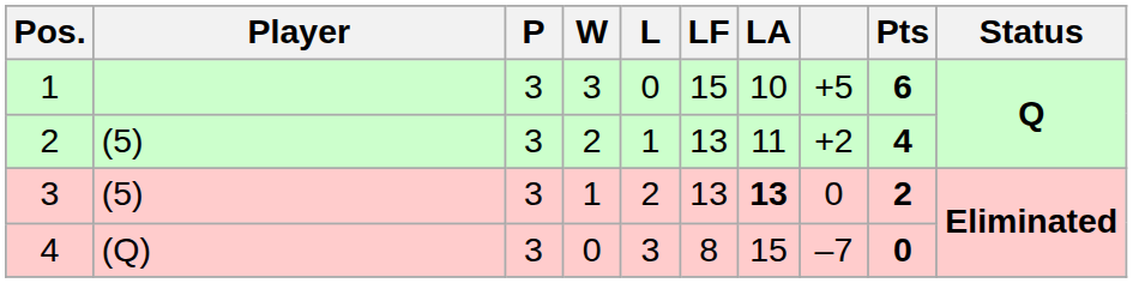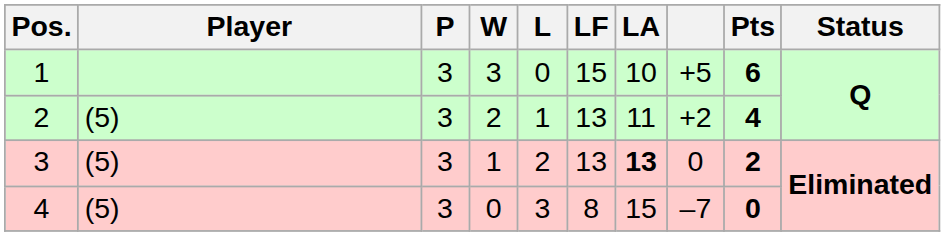 <table class="wikitable" style="text-align:center; margin: 1em auto 1em auto, align:left">
 <tr>
 <th width=20>Pos.</th>
 <th width=185>Player</th>
 <th width=20>P</th>
 <th width=20>W</th>
 <th width=20>L</th>
 <th width=20>LF</th>
 <th width=20>LA</th>
 <th width=25></th>
 <th width=20>Pts</th>
 <th width=70>Status</th>
 </tr>
 <tr style="background:#CCFFCC;">
 <td>1</td>
 <td style="text-align:left"></td>
 <td>3</td>
 <td>3</td>
 <td>0</td>
 <td>15</td>
 <td>10</td>
 <td>+5</td>
 <td><strong>6</strong></td>
 <td rowspan=2><strong>Q</strong></td>
 </tr>
 <tr style="background:#CCFFCC;">
 <td>2</td>
 <td style="text-align:left"> (5)</td>
 <td>3</td>
 <td>2</td>
 <td>1</td>
 <td>13</td>
 <td>11</td>
 <td>+2</td>
 <td><strong>4</strong></td>
 </tr>
 <tr style="background:#FFCCCC;">
 <td>3</td>
 <td style="text-align:left"> (5)</td>
 <td>3</td>
 <td>1</td>
 <td>2</td>
 <td>13</td>
 <td><strong>13</strong></td>
 <td>0</td>
 <td><strong>2</strong></td>
 <td rowspan=2><strong>Eliminated</strong></td>
 </tr>
 <tr style="background:#FFCCCC;">
 <td>4</td>
-<td style="text-align:left"> (Q)</td>
+<td style="text-align:left"> (5)</td>
 <td>3</td>
 <td>0</td>
 <td>3</td>
 <td>8</td>
 <td>15</td>
 <td>–7</td>
 <td><strong>0</strong></td>
 </tr>
 </table>
